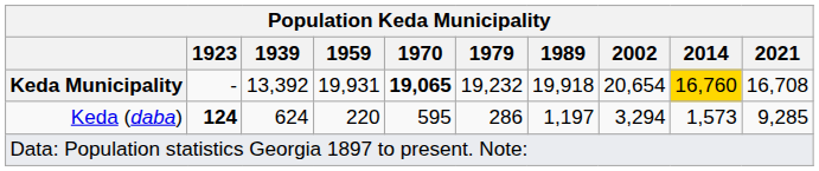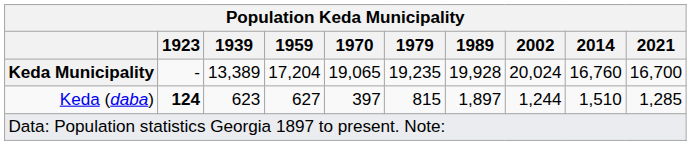 <table class="wikitable" style="text-align:right">
 <tr>
 <th colspan=19>Population Keda Municipality</th>
 </tr>
 <tr>
 <th></th>
 <th>1923</th>
 <th>1939</th>
 <th>1959</th>
 <th>1970</th>
 <th>1979</th>
 <th>1989</th>
 <th>2002</th>
 <th>2014</th>
 <th>2021</th>
 </tr>
 <tr>
 <th>Keda Municipality</th>
 <td>-</td>
-<td>13,392</td>
-<td> 19,931</td>
-<td><strong> 19,065</strong></td>
-<td> 19,232</td>
-<td> 19,918</td>
-<td> 20,654</td>
-<td style="background: gold;"> 16,760</td>
-<td> 16,708</td>
+<td>13,389</td>
+<td> 17,204</td>
+<td> 19,065</td>
+<td> 19,235</td>
+<td> 19,928</td>
+<td> 20,024</td>
+<td> 16,760</td>
+<td> 16,700</td>
 </tr>
 <tr>
 <td><a href='#'>Keda</a> (<a href='#'><em>daba</em></a>)</td>
 <td><strong>124</strong></td>
-<td> 624</td>
-<td> 220</td>
-<td> 595</td>
-<td> 286</td>
-<td> 1,197</td>
-<td> 3,294</td>
-<td> 1,573</td>
-<td> 9,285</td>
+<td> 623</td>
+<td> 627</td>
+<td> 397</td>
+<td> 815</td>
+<td> 1,897</td>
+<td> 1,244</td>
+<td> 1,510</td>
+<td> 1,285</td>
 </tr>
 <tr>
 <td colspan=15 class="wikitable" style="align:left;text-align:left;background-color:#eaecf0">Data: Population statistics Georgia 1897 to present. Note:</td>
 </tr>
 </table>
